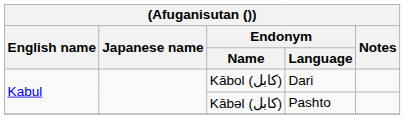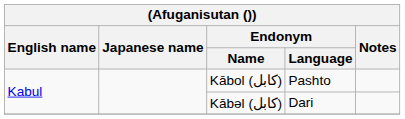 <table class="wikitable sortable">
 <tr>
 <th colspan="5"> (Afuganisutan ())</th>
 </tr>
 <tr>
 <th rowspan="2">English name</th>
 <th rowspan="2">Japanese name</th>
 <th colspan="2">Endonym</th>
 <th rowspan="2">Notes</th>
 </tr>
 <tr>
 <th>Name</th>
 <th>Language</th>
 </tr>
 <tr>
 <td rowspan="2"><a href='#'>Kabul</a></td>
 <td rowspan="2"></td>
 <td>Kābol (کابل‎)</td>
-<td>Dari</td>
+<td>Pashto</td>
 <td></td>
 </tr>
 <tr>
 <td>Kābəl (کابل‎)</td>
-<td>Pashto</td>
+<td>Dari</td>
 <td></td>
 </tr>
 <tr>
 </tr>
 </table>
